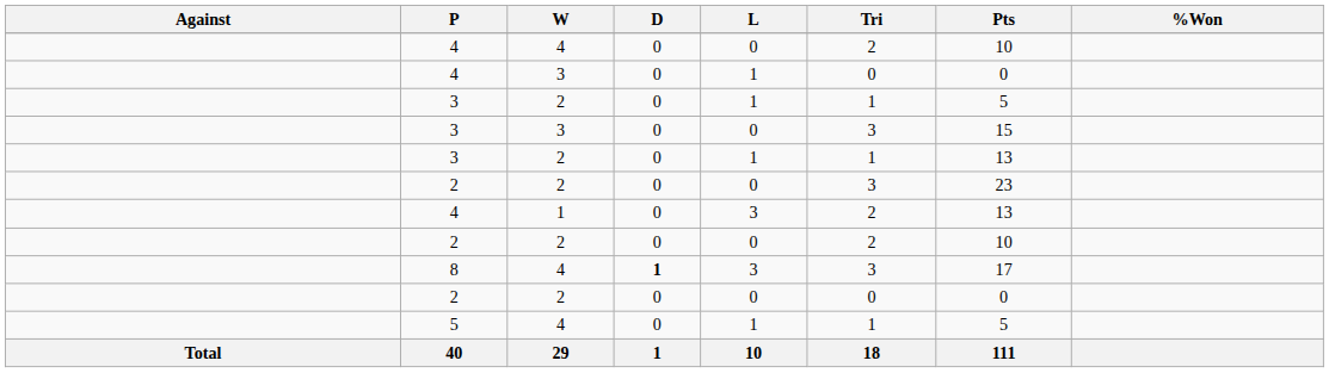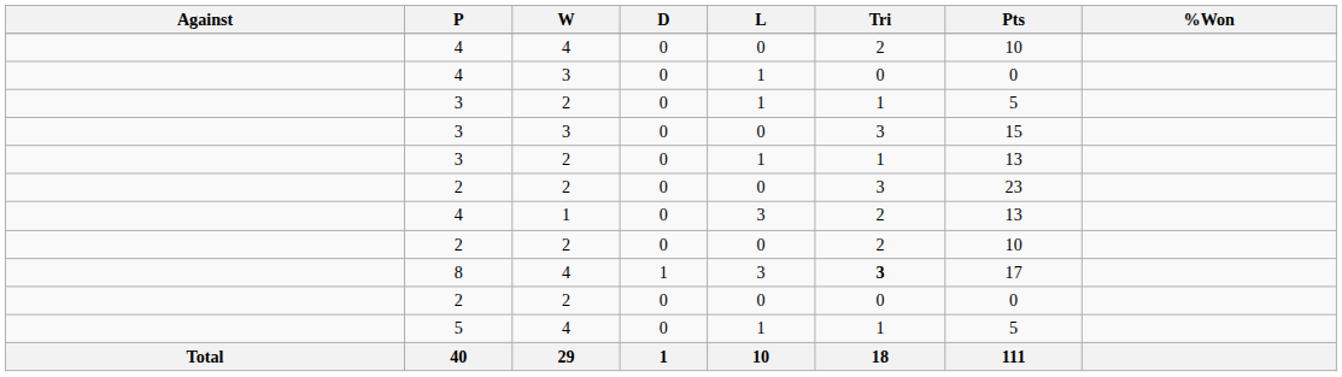 <table class="wikitable sortable"  style="text-align:center; font-size:95%; width:75%;">
 <tr>
 <th style="width:30%;">Against</th>
 <th abbr="Played" style="width:15px;">P</th>
 <th abbr="Won" style="width:10px;">W</th>
 <th abbr="Drawn" style="width:10px;">D</th>
 <th abbr="Lost" style="width:10px;">L</th>
 <th abbr="Tries" style="width:15px;">Tri</th>
 <th abbr="Points" style="width:18px;">Pts</th>
 <th abbr="Won" style="width:18px;">%Won</th>
 </tr>
 <tr bgcolor="#d0ffd0" align="center">
 </tr>
 <tr>
 <td align="left"></td>
 <td>4</td>
 <td>4</td>
 <td>0</td>
 <td>0</td>
 <td>2</td>
 <td>10</td>
 <td></td>
 </tr>
 <tr>
 <td align="left"></td>
 <td>4</td>
 <td>3</td>
 <td>0</td>
 <td>1</td>
 <td>0</td>
 <td>0</td>
 <td></td>
 </tr>
 <tr>
 <td align="left"></td>
 <td>3</td>
 <td>2</td>
 <td>0</td>
 <td>1</td>
 <td>1</td>
 <td>5</td>
 <td></td>
 </tr>
 <tr>
 <td align="left"></td>
 <td>3</td>
 <td>3</td>
 <td>0</td>
 <td>0</td>
 <td>3</td>
 <td>15</td>
 <td></td>
 </tr>
 <tr>
 <td align="left"></td>
 <td>3</td>
 <td>2</td>
 <td>0</td>
 <td>1</td>
 <td>1</td>
 <td>13</td>
 <td></td>
 </tr>
 <tr>
 <td align="left"></td>
 <td>2</td>
 <td>2</td>
 <td>0</td>
 <td>0</td>
 <td>3</td>
 <td>23</td>
 <td></td>
 </tr>
 <tr>
 <td align="left"></td>
 <td>4</td>
 <td>1</td>
 <td>0</td>
 <td>3</td>
 <td>2</td>
 <td>13</td>
 <td></td>
 </tr>
 <tr>
 <td align="left"></td>
 <td>2</td>
 <td>2</td>
 <td>0</td>
 <td>0</td>
 <td>2</td>
 <td>10</td>
 <td></td>
 </tr>
 <tr>
 <td align="left"></td>
 <td>8</td>
 <td>4</td>
-<td><strong>1</strong></td>
+<td>1</td>
 <td>3</td>
-<td>3</td>
+<td><strong>3</strong></td>
 <td>17</td>
 <td></td>
 </tr>
 <tr>
 <td align="left"></td>
 <td>2</td>
 <td>2</td>
 <td>0</td>
 <td>0</td>
 <td>0</td>
 <td>0</td>
 <td></td>
 </tr>
 <tr>
 <td align="left"></td>
 <td>5</td>
 <td>4</td>
 <td>0</td>
 <td>1</td>
 <td>1</td>
 <td>5</td>
 <td></td>
 </tr>
 <tr>
 <th>Total</th>
 <th>40</th>
 <th>29</th>
 <th>1</th>
 <th>10</th>
 <th>18</th>
 <th>111</th>
 <th></th>
 </tr>
 </table>
